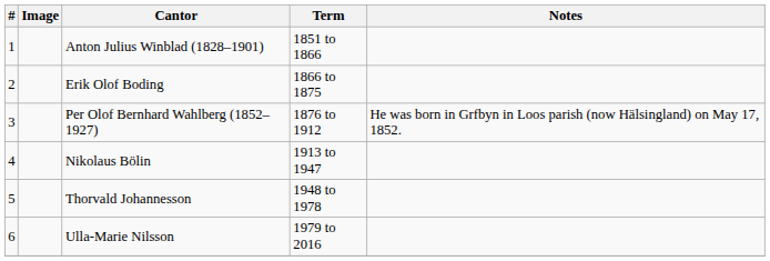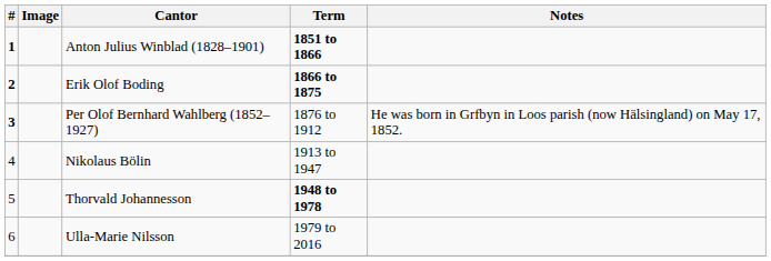 <table class="wikitable sortable">
 <tr>
 <th>#</th>
 <th>Image</th>
 <th>Cantor</th>
 <th>Term</th>
 <th>Notes</th>
 </tr>
 <tr>
-<td>1</td>
+<td><strong>1</strong></td>
 <td></td>
 <td>Anton Julius Winblad (1828–1901)</td>
-<td>1851 to 1866</td>
+<td><strong>1851 to 1866</strong></td>
 <td></td>
 </tr>
 <tr>
-<td>2</td>
+<td><strong>2</strong></td>
 <td></td>
 <td>Erik Olof Boding</td>
-<td>1866 to 1875</td>
+<td><strong>1866 to 1875</strong></td>
 <td></td>
 </tr>
 <tr>
-<td>3</td>
+<td><strong>3</strong></td>
 <td></td>
 <td>Per Olof Bernhard Wahlberg (1852–1927)</td>
 <td>1876 to 1912</td>
 <td>He was born in Grfbyn in Loos parish (now Hälsingland) on May 17, 1852.</td>
 </tr>
 <tr>
 <td>4</td>
 <td></td>
 <td>Nikolaus Bölin</td>
 <td>1913 to 1947</td>
 <td></td>
 </tr>
 <tr>
 <td>5</td>
 <td></td>
 <td>Thorvald Johannesson</td>
-<td>1948 to 1978</td>
+<td><strong>1948 to 1978</strong></td>
 <td></td>
 </tr>
 <tr>
 <td>6</td>
 <td></td>
 <td>Ulla-Marie Nilsson</td>
 <td>1979 to 2016</td>
 <td></td>
 </tr>
 <tr>
 </tr>
 </table>
